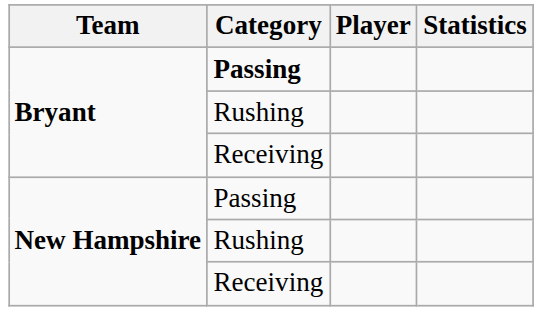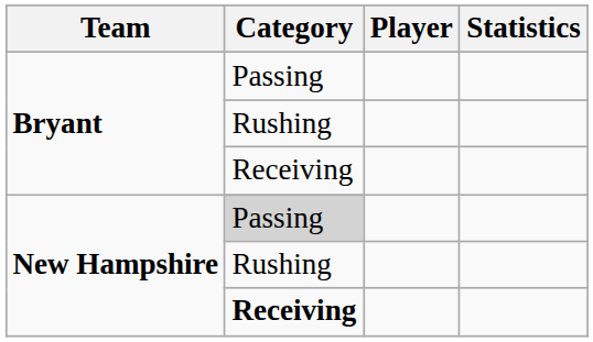 <table class="wikitable" style="float: right;">
 <tr>
 <th>Team</th>
 <th>Category</th>
 <th>Player</th>
 <th>Statistics</th>
 </tr>
 <tr>
 <td rowspan=3><strong>Bryant</strong></td>
-<td><strong>Passing</strong></td>
+<td>Passing</td>
 <td></td>
 <td></td>
 </tr>
 <tr>
 <td>Rushing</td>
 <td></td>
 <td></td>
 </tr>
 <tr>
 <td>Receiving</td>
 <td></td>
 <td></td>
 </tr>
 <tr>
 <td rowspan=3><strong>New Hampshire</strong></td>
-<td>Passing</td>
+<td style="background: lightgrey;">Passing</td>
 <td></td>
 <td></td>
 </tr>
 <tr>
 <td>Rushing</td>
 <td></td>
 <td></td>
 </tr>
 <tr>
-<td>Receiving</td>
+<td><strong>Receiving</strong></td>
 <td></td>
 <td></td>
 </tr>
 </table>
